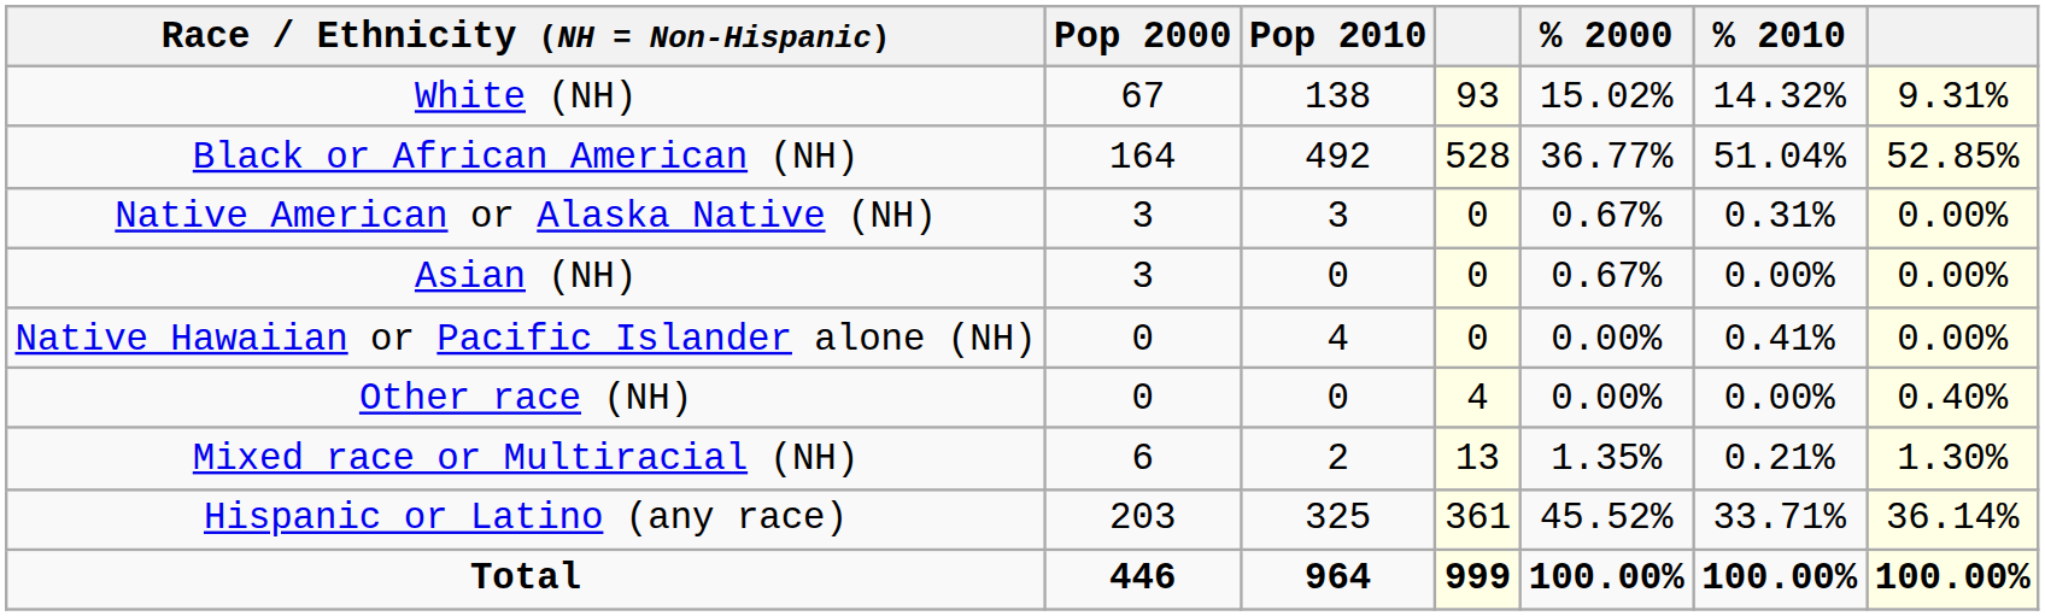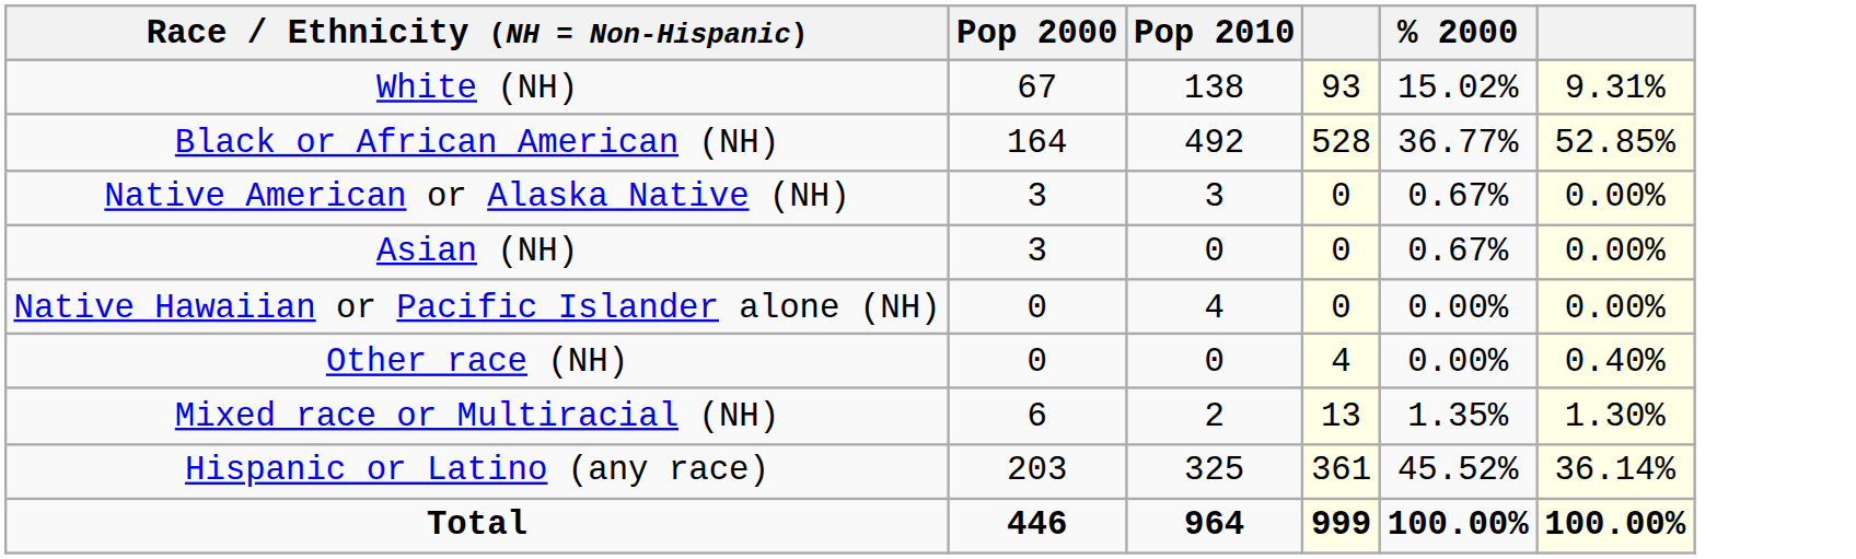 <table class="wikitable" style="text-align:center;">
 <tr>
 <th>Race / Ethnicity <small>(<em>NH = Non-Hispanic</em>)</small></th>
 <th>Pop 2000</th>
 <th>Pop 2010</th>
 <th></th>
 <th>% 2000</th>
-<th>% 2010</th>
 <th></th>
 </tr>
 <tr>
 <td><a href='#'>White</a> (NH)</td>
 <td>67</td>
 <td>138</td>
 <td style='background: #ffffe6;'>93</td>
 <td>15.02%</td>
-<td>14.32%</td>
 <td style='background: #ffffe6;'>9.31%</td>
 </tr>
 <tr>
 <td><a href='#'>Black or African American</a> (NH)</td>
 <td>164</td>
 <td>492</td>
 <td style='background: #ffffe6;'>528</td>
 <td>36.77%</td>
-<td>51.04%</td>
 <td style='background: #ffffe6;'>52.85%</td>
 </tr>
 <tr>
 <td><a href='#'>Native American</a> or <a href='#'>Alaska Native</a> (NH)</td>
 <td>3</td>
 <td>3</td>
 <td style='background: #ffffe6;'>0</td>
 <td>0.67%</td>
-<td>0.31%</td>
 <td style='background: #ffffe6;'>0.00%</td>
 </tr>
 <tr>
 <td><a href='#'>Asian</a> (NH)</td>
 <td>3</td>
 <td>0</td>
 <td style='background: #ffffe6;'>0</td>
 <td>0.67%</td>
-<td>0.00%</td>
 <td style='background: #ffffe6;'>0.00%</td>
 </tr>
 <tr>
 <td><a href='#'>Native Hawaiian</a> or <a href='#'>Pacific Islander</a> alone (NH)</td>
 <td>0</td>
 <td>4</td>
 <td style='background: #ffffe6;'>0</td>
 <td>0.00%</td>
-<td>0.41%</td>
 <td style='background: #ffffe6;'>0.00%</td>
 </tr>
 <tr>
 <td><a href='#'>Other race</a> (NH)</td>
 <td>0</td>
 <td>0</td>
 <td style='background: #ffffe6;'>4</td>
-<td>0.00%</td>
 <td>0.00%</td>
 <td style='background: #ffffe6;'>0.40%</td>
 </tr>
 <tr>
 <td><a href='#'>Mixed race or Multiracial</a> (NH)</td>
 <td>6</td>
 <td>2</td>
 <td style='background: #ffffe6;'>13</td>
 <td>1.35%</td>
-<td>0.21%</td>
 <td style='background: #ffffe6;'>1.30%</td>
 </tr>
 <tr>
 <td><a href='#'>Hispanic or Latino</a> (any race)</td>
 <td>203</td>
 <td>325</td>
 <td style='background: #ffffe6;'>361</td>
 <td>45.52%</td>
-<td>33.71%</td>
 <td style='background: #ffffe6;'>36.14%</td>
 </tr>
 <tr>
 <td><strong>Total</strong></td>
 <td><strong>446</strong></td>
 <td><strong>964</strong></td>
 <td style='background: #ffffe6;'><strong>999</strong></td>
 <td><strong>100.00%</strong></td>
-<td><strong>100.00%</strong></td>
 <td style='background: #ffffe6;'><strong>100.00%</strong></td>
 </tr>
 </table>
